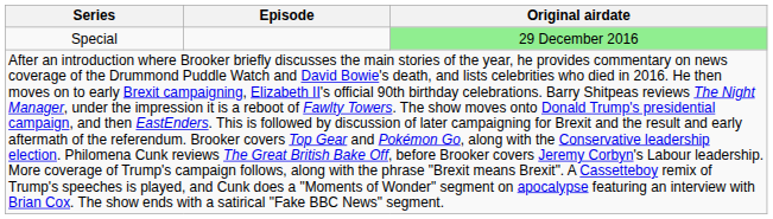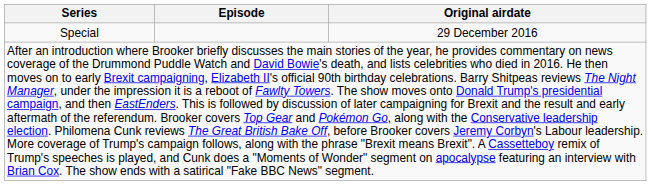 <table class="wikitable" style="text-align:center">
 <tr>
 <th>Series</th>
 <th>Episode</th>
 <th>Original airdate</th>
 </tr>
 <tr>
 <td>Special</td>
 <td></td>
-<td style="background: lightgreen;">29 December 2016</td>
+<td>29 December 2016</td>
 </tr>
 <tr>
 <td colspan="3" align="left">After an introduction where Brooker briefly discusses the main stories of the year, he provides commentary on news coverage of the Drummond Puddle Watch and <a href='#'>David Bowie</a>'s death, and lists celebrities who died in 2016. He then moves on to early <a href='#'>Brexit campaigning</a>, <a href='#'>Elizabeth II</a>'s official 90th birthday celebrations. Barry Shitpeas reviews <em><a href='#'>The Night Manager</a></em>, under the impression it is a reboot of <em><a href='#'>Fawlty Towers</a></em>. The show moves onto <a href='#'>Donald Trump's presidential campaign</a>, and then <em><a href='#'>EastEnders</a></em>. This is followed by discussion of later campaigning for Brexit and the result and early aftermath of the referendum. Brooker covers <em><a href='#'>Top Gear</a></em> and <em><a href='#'>Pokémon Go</a></em>, along with the <a href='#'>Conservative leadership election</a>. Philomena Cunk reviews <em><a href='#'>The Great British Bake Off</a></em>, before Brooker covers <a href='#'>Jeremy Corbyn</a>'s Labour leadership. More coverage of Trump's campaign follows, along with the phrase "Brexit means Brexit". A <a href='#'>Cassetteboy</a> remix of Trump's speeches is played, and Cunk does a "Moments of Wonder" segment on <a href='#'>apocalypse</a> featuring an interview with <a href='#'>Brian Cox</a>. The show ends with a satirical "Fake BBC News" segment.</td>
 </tr>
 </table>
